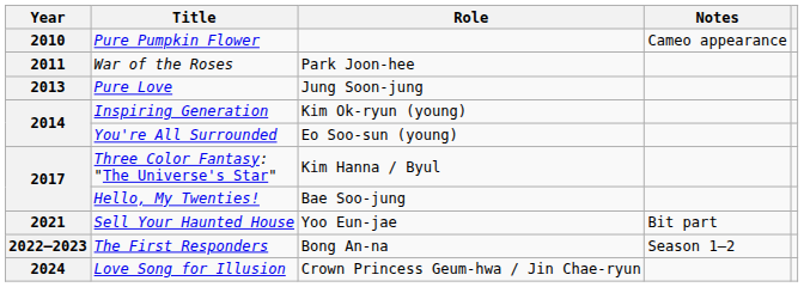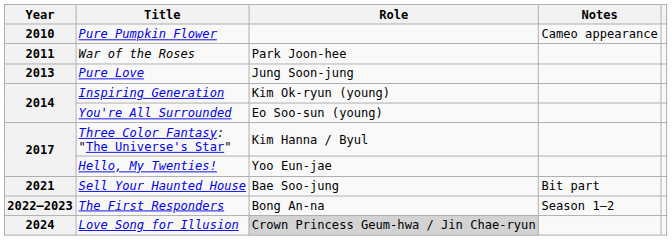 <table class="wikitable plainrowheaders">
 <tr>
 <th scope="col">Year</th>
 <th scope="col">Title</th>
 <th scope="col">Role</th>
 <th scope="col">Notes</th>
 <th scope="col" class="unsortable"></th>
 </tr>
 <tr>
 <th scope="row">2010</th>
 <td><em><a href='#'>Pure Pumpkin Flower</a></em></td>
 <td></td>
 <td>Cameo appearance</td>
 <td style="text-align:center"></td>
 </tr>
 <tr>
 <th scope="row">2011</th>
 <td><em>War of the Roses</em></td>
 <td>Park Joon-hee</td>
 <td></td>
 <td style="text-align:center"></td>
 </tr>
 <tr>
 <th scope="row">2013</th>
 <td><em><a href='#'>Pure Love</a></em></td>
 <td>Jung Soon-jung</td>
 <td></td>
 <td style="text-align:center"></td>
 </tr>
 <tr>
 <th scope="row" rowspan="2">2014</th>
 <td><em><a href='#'>Inspiring Generation</a></em></td>
 <td>Kim Ok-ryun (young)</td>
 <td></td>
 <td style="text-align:center"></td>
 </tr>
 <tr>
 <td><em><a href='#'>You're All Surrounded</a></em></td>
 <td>Eo Soo-sun (young)</td>
 <td></td>
 <td style="text-align:center"></td>
 </tr>
 <tr>
 <th scope="row" rowspan="2">2017</th>
 <td><em><a href='#'>Three Color Fantasy</a>:</em><br>"<a href='#'>The Universe's Star</a>"</td>
 <td>Kim Hanna / Byul</td>
 <td></td>
 <td style="text-align:center"></td>
 </tr>
 <tr>
 <td><em><a href='#'>Hello, My Twenties!</a></em></td>
-<td>Bae Soo-jung</td>
+<td>Yoo Eun-jae</td>
 <td></td>
 <td style="text-align:center"></td>
 </tr>
 <tr>
 <th scope="row">2021</th>
 <td><em><a href='#'>Sell Your Haunted House</a></em></td>
-<td>Yoo Eun-jae</td>
+<td>Bae Soo-jung</td>
 <td>Bit part</td>
 <td style="text-align:center"></td>
 </tr>
 <tr>
 <th scope="row">2022–2023</th>
 <td><em><a href='#'>The First Responders</a></em></td>
 <td>Bong An-na</td>
 <td>Season 1–2</td>
 <td style="text-align:center"></td>
 </tr>
 <tr>
 <th scope="row">2024</th>
 <td><em><a href='#'>Love Song for Illusion</a></em></td>
-<td>Crown Princess Geum-hwa / Jin Chae-ryun</td>
+<td style="background: lightgrey;">Crown Princess Geum-hwa / Jin Chae-ryun</td>
 <td></td>
 <td style="text-align:center"></td>
 </tr>
 </table>
